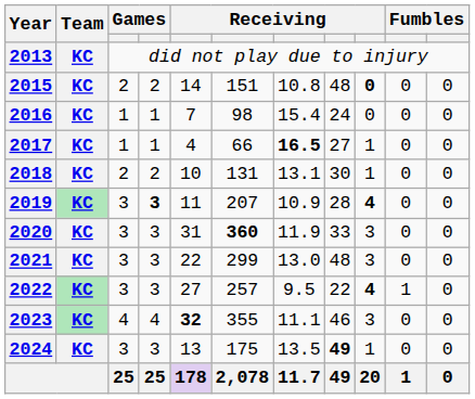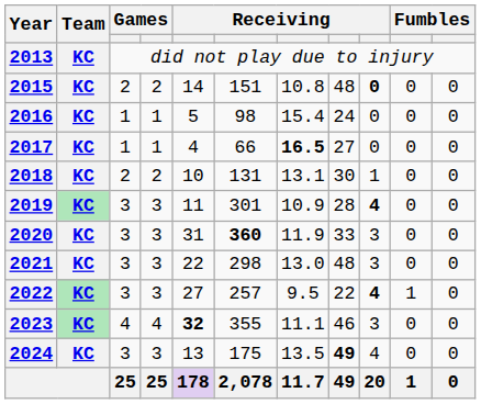 <table class=wikitable style="text-align:center;">
 <tr>
 <th rowspan="2">Year</th>
 <th rowspan="2">Team</th>
 <th colspan="2">Games</th>
 <th colspan="5">Receiving</th>
 <th colspan="2">Fumbles</th>
 </tr>
 <tr>
 <th></th>
 <th></th>
 <th></th>
 <th></th>
 <th></th>
 <th></th>
 <th></th>
 <th></th>
 <th></th>
 </tr>
 <tr>
 <th><a href='#'>2013</a></th>
 <th><a href='#'>KC</a></th>
 <td colspan="9"><em>did not play due to injury</em></td>
 </tr>
 <tr>
 <th><a href='#'>2015</a></th>
 <th><a href='#'>KC</a></th>
 <td>2</td>
 <td>2</td>
 <td>14</td>
 <td>151</td>
 <td>10.8</td>
 <td>48</td>
 <td><strong>0</strong></td>
 <td>0</td>
 <td>0</td>
 </tr>
 <tr>
 <th><a href='#'>2016</a></th>
 <th><a href='#'>KC</a></th>
 <td>1</td>
 <td>1</td>
-<td>7</td>
+<td>5</td>
 <td>98</td>
 <td>15.4</td>
 <td>24</td>
 <td>0</td>
 <td>0</td>
 <td>0</td>
 </tr>
 <tr>
 <th><a href='#'>2017</a></th>
 <th><a href='#'>KC</a></th>
 <td>1</td>
 <td>1</td>
 <td>4</td>
 <td>66</td>
 <td><strong>16.5</strong></td>
 <td>27</td>
-<td>1</td>
+<td>0</td>
 <td>0</td>
 <td>0</td>
 </tr>
 <tr>
 <th><a href='#'>2018</a></th>
 <th><a href='#'>KC</a></th>
 <td>2</td>
 <td>2</td>
 <td>10</td>
 <td>131</td>
 <td>13.1</td>
 <td>30</td>
 <td>1</td>
 <td>0</td>
 <td>0</td>
 </tr>
 <tr>
 <th><a href='#'>2019</a></th>
 <th style="background:#afe6ba;"><a href='#'>KC</a></th>
 <td>3</td>
-<td><strong>3</strong></td>
+<td>3</td>
 <td>11</td>
-<td>207</td>
+<td>301</td>
 <td>10.9</td>
 <td>28</td>
 <td><strong>4</strong></td>
 <td>0</td>
 <td>0</td>
 </tr>
 <tr>
 <th><a href='#'>2020</a></th>
 <th><a href='#'>KC</a></th>
 <td>3</td>
 <td>3</td>
 <td>31</td>
 <td><strong>360</strong></td>
 <td>11.9</td>
 <td>33</td>
 <td>3</td>
 <td>0</td>
 <td>0</td>
 </tr>
 <tr>
 <th><a href='#'>2021</a></th>
 <th><a href='#'>KC</a></th>
 <td>3</td>
 <td>3</td>
 <td>22</td>
-<td>299</td>
+<td>298</td>
 <td>13.0</td>
 <td>48</td>
 <td>3</td>
 <td>0</td>
 <td>0</td>
 </tr>
 <tr>
 <th><a href='#'>2022</a></th>
 <th style="background:#afe6ba;"><a href='#'>KC</a></th>
 <td>3</td>
 <td>3</td>
 <td>27</td>
 <td>257</td>
 <td>9.5</td>
 <td>22</td>
 <td><strong>4</strong></td>
 <td>1</td>
 <td>0</td>
 </tr>
 <tr>
 <th><a href='#'>2023</a></th>
 <th style="background:#afe6ba;"><a href='#'>KC</a></th>
 <td>4</td>
 <td>4</td>
 <td><strong>32</strong></td>
 <td>355</td>
 <td>11.1</td>
 <td>46</td>
 <td>3</td>
 <td>0</td>
 <td>0</td>
 </tr>
 <tr>
 <th><a href='#'>2024</a></th>
 <th><a href='#'>KC</a></th>
 <td>3</td>
 <td>3</td>
 <td>13</td>
 <td>175</td>
 <td>13.5</td>
 <td><strong>49</strong></td>
-<td>1</td>
+<td>4</td>
 <td>0</td>
 <td>0</td>
 </tr>
 <tr>
 <th colspan="2"></th>
 <th>25</th>
 <th>25</th>
 <th style="background:#e0cef2;">178</th>
 <th>2,078</th>
 <th>11.7</th>
 <th>49</th>
 <th>20</th>
 <th>1</th>
 <th>0</th>
 </tr>
 </table>
